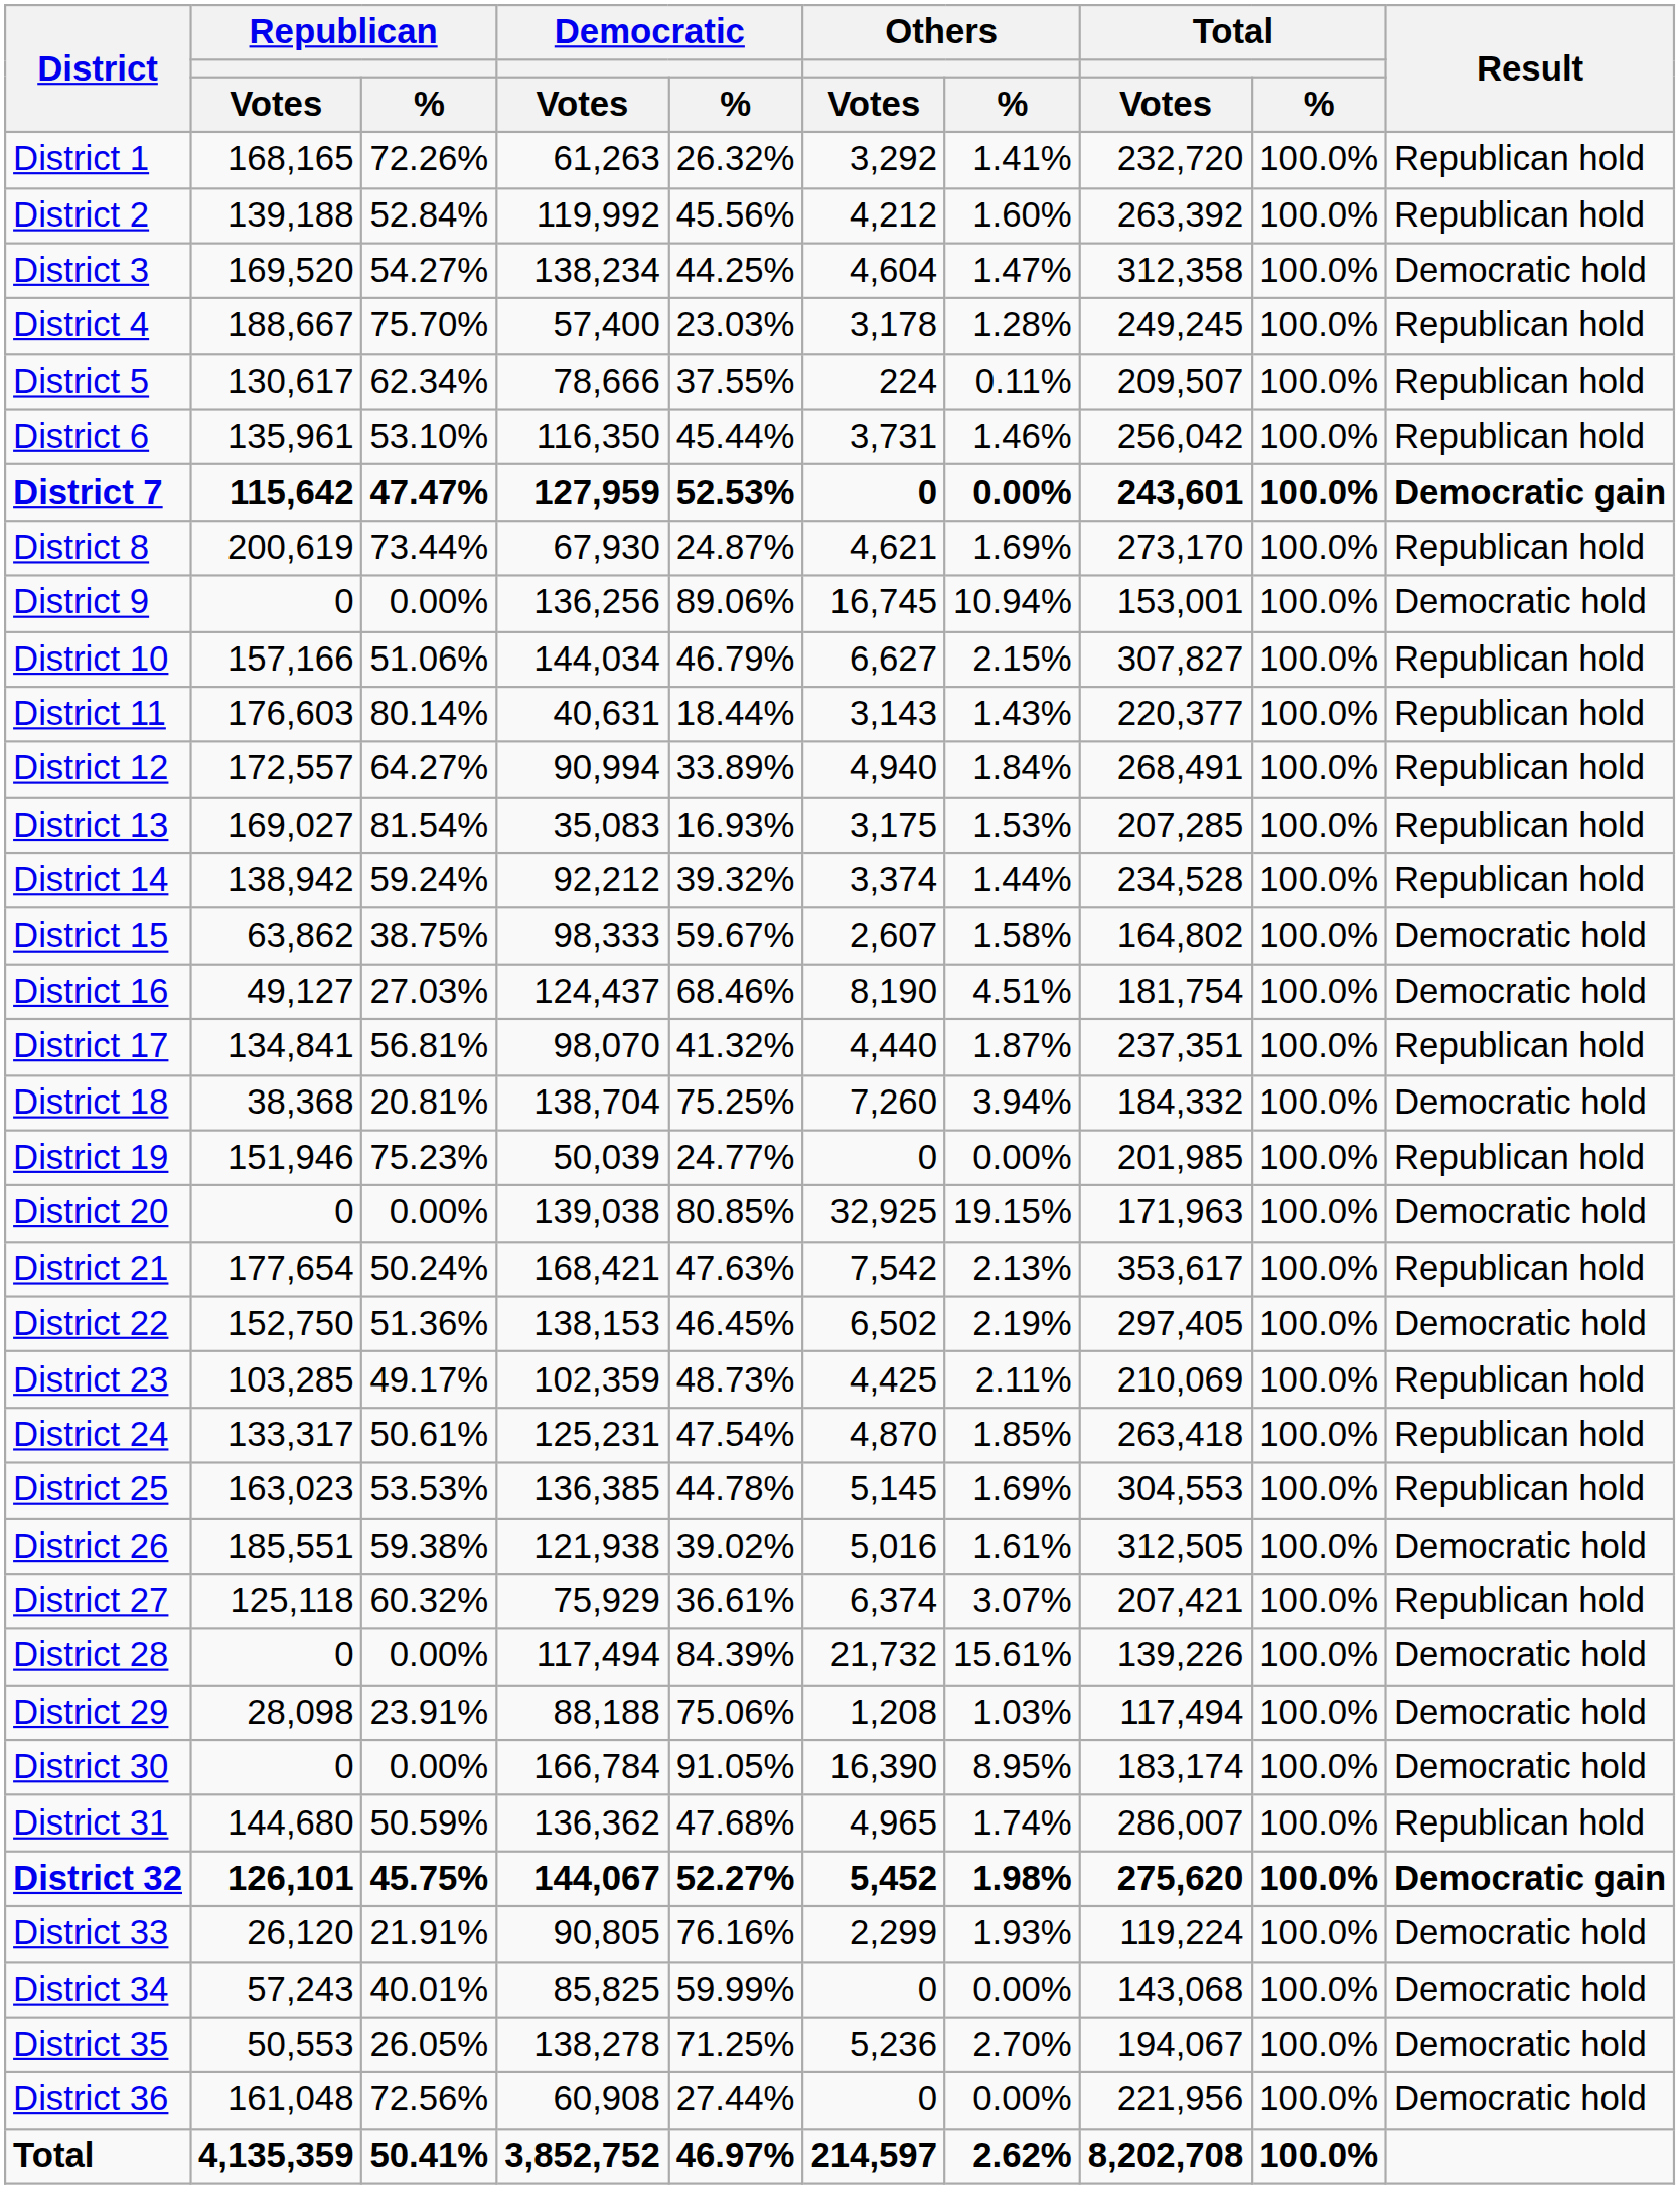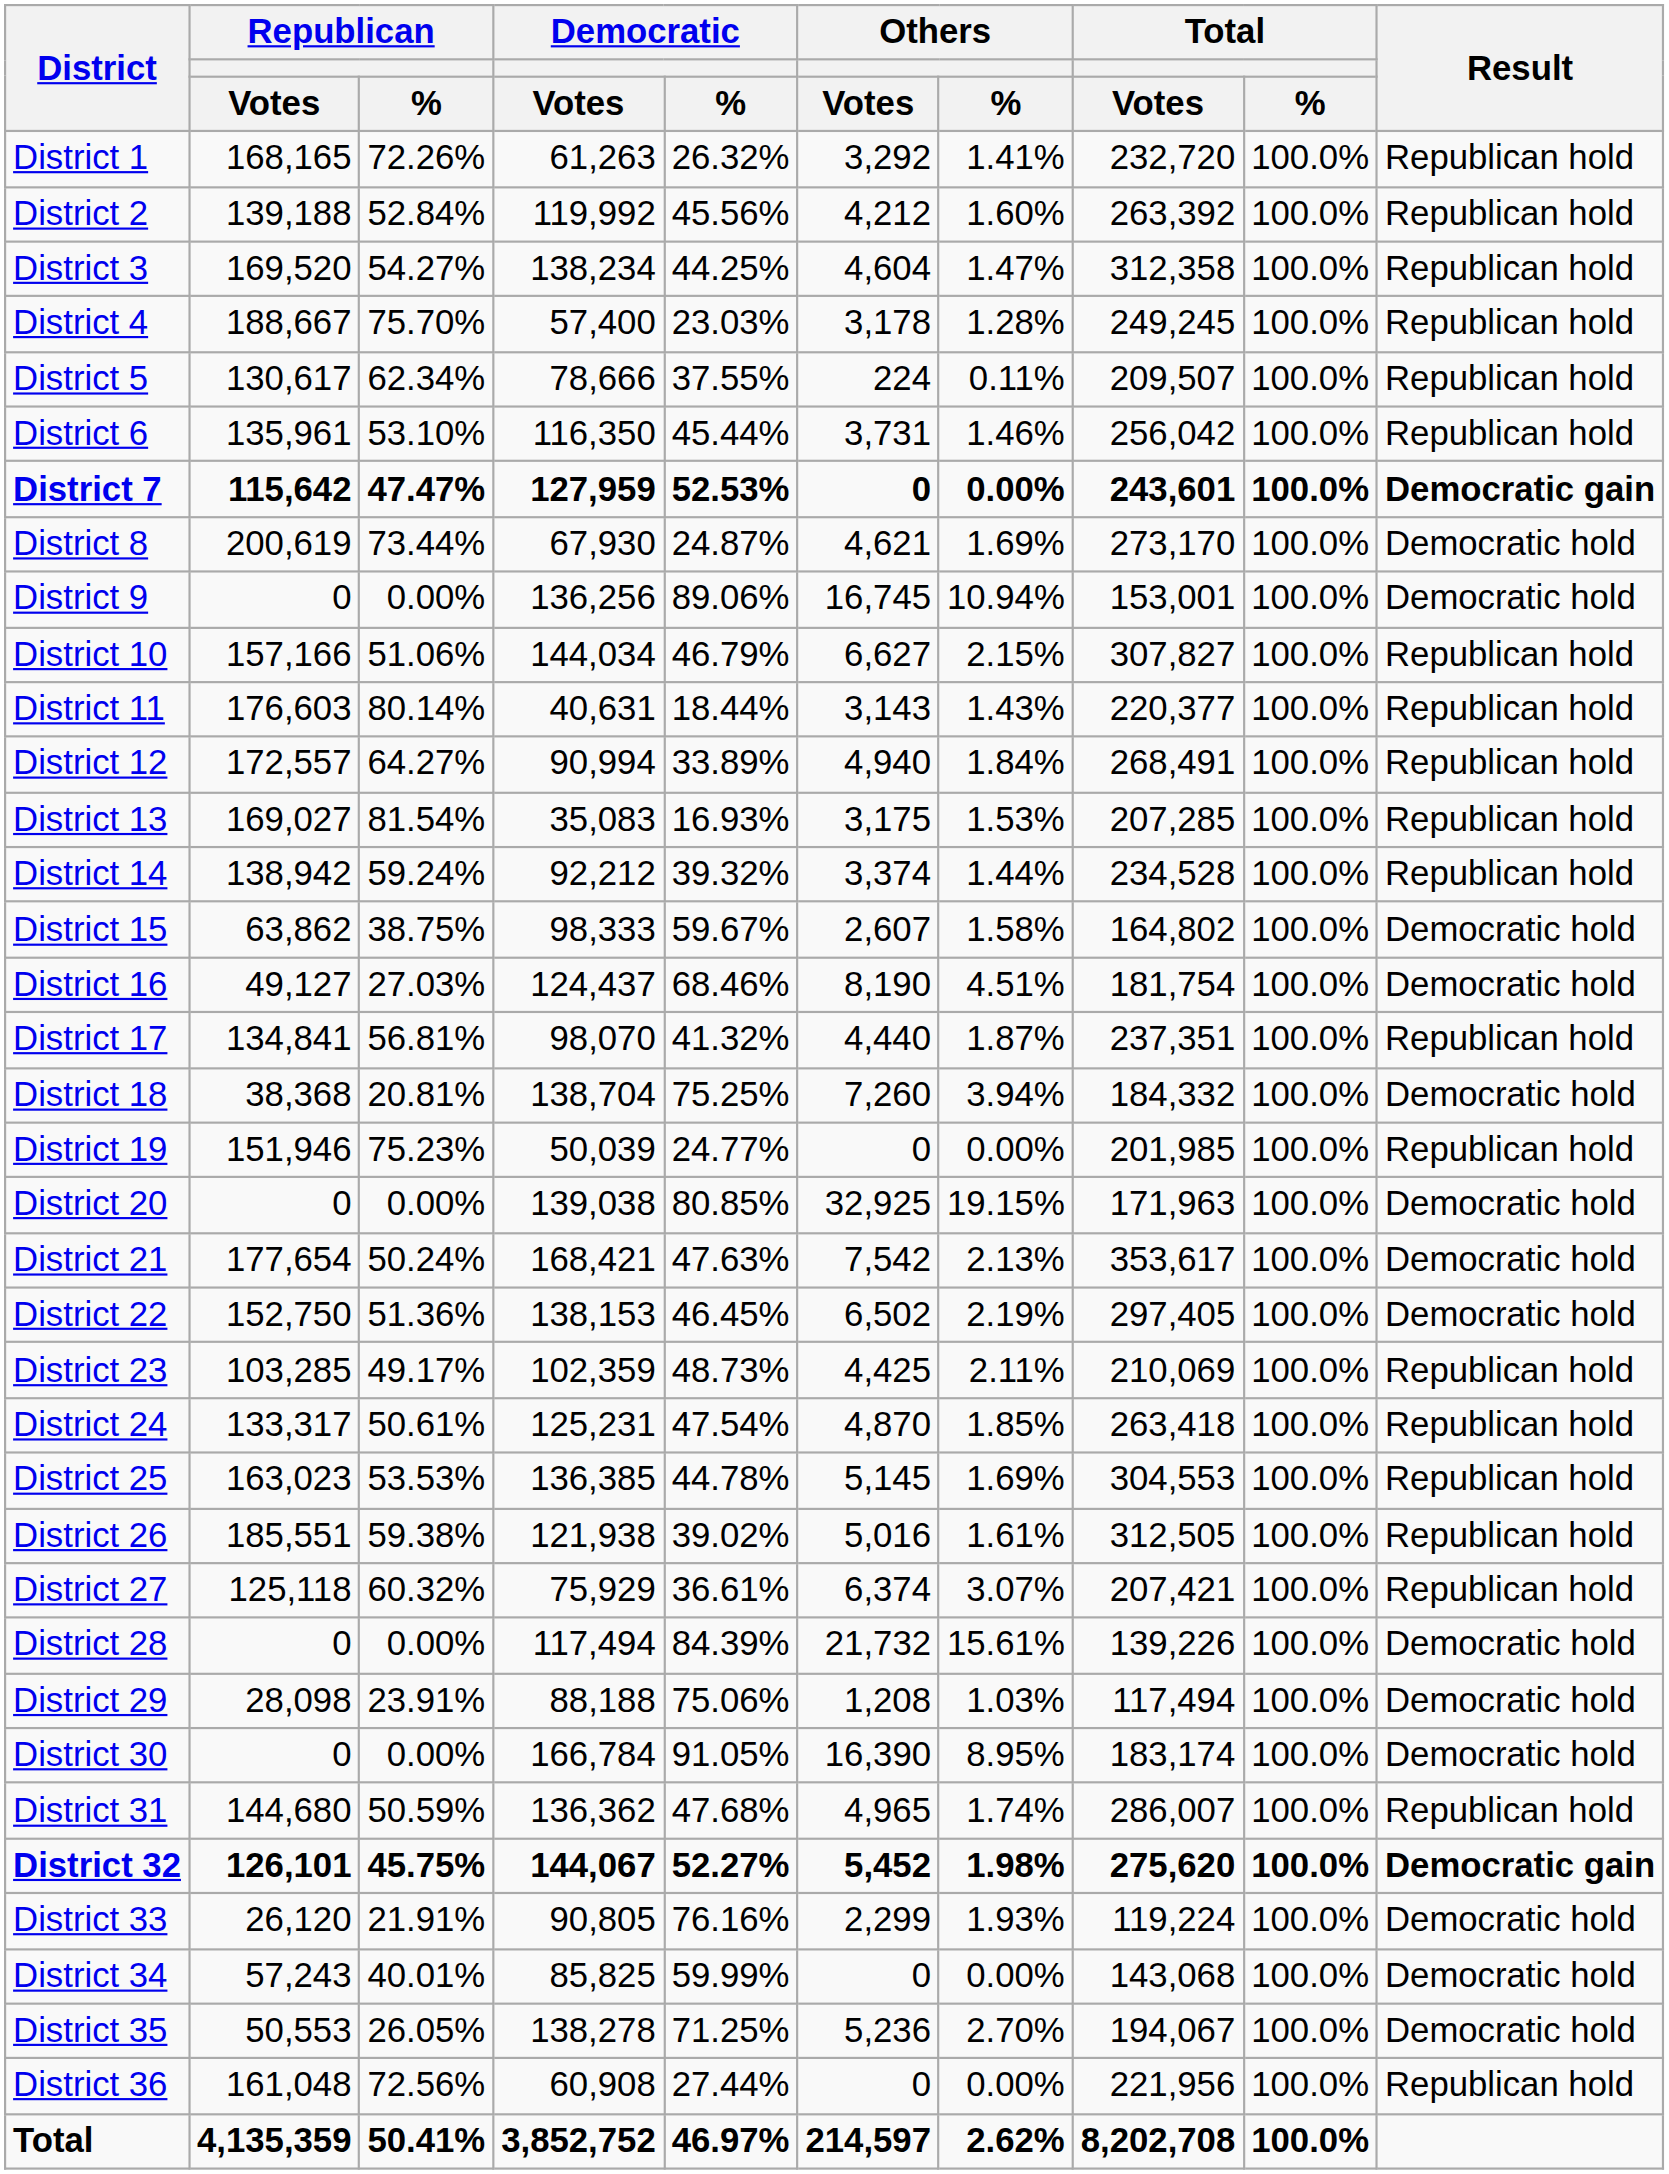 <table class="wikitable plainrowheaders sortable" style="font-size:100%; text-align:right;">
 <tr>
 <th scope=col rowspan=3><a href='#'>District</a></th>
 <th scope=col colspan=2><a href='#'>Republican</a></th>
 <th scope=col colspan=2><a href='#'>Democratic</a></th>
 <th scope=col colspan=2>Others</th>
 <th scope=col colspan=2>Total</th>
 <th scope=col rowspan=3>Result</th>
 </tr>
 <tr>
 <th scope=col colspan=2 style="background:"></th>
 <th scope=col colspan=2 style="background:"></th>
 <th scope=col colspan=2></th>
 <th scope=col colspan=2></th>
 </tr>
 <tr>
 <th scope=col data-sort-type="number">Votes</th>
 <th scope=col data-sort-type="number">%</th>
 <th scope=col data-sort-type="number">Votes</th>
 <th scope=col data-sort-type="number">%</th>
 <th scope=col data-sort-type="number">Votes</th>
 <th scope=col data-sort-type="number">%</th>
 <th scope=col data-sort-type="number">Votes</th>
 <th scope=col data-sort-type="number">%</th>
 </tr>
 <tr>
 <td align=left><a href='#'>District 1</a></td>
 <td>168,165</td>
 <td>72.26%</td>
 <td>61,263</td>
 <td>26.32%</td>
 <td>3,292</td>
 <td>1.41%</td>
 <td>232,720</td>
 <td>100.0%</td>
 <td align=left>Republican hold</td>
 </tr>
 <tr>
 <td align=left><a href='#'>District 2</a></td>
 <td>139,188</td>
 <td>52.84%</td>
 <td>119,992</td>
 <td>45.56%</td>
 <td>4,212</td>
 <td>1.60%</td>
 <td>263,392</td>
 <td>100.0%</td>
 <td align=left>Republican hold</td>
 </tr>
 <tr>
 <td align=left><a href='#'>District 3</a></td>
 <td>169,520</td>
 <td>54.27%</td>
 <td>138,234</td>
 <td>44.25%</td>
 <td>4,604</td>
 <td>1.47%</td>
 <td>312,358</td>
 <td>100.0%</td>
-<td align=left>Democratic hold</td>
+<td align=left>Republican hold</td>
 </tr>
 <tr>
 <td align=left><a href='#'>District 4</a></td>
 <td>188,667</td>
 <td>75.70%</td>
 <td>57,400</td>
 <td>23.03%</td>
 <td>3,178</td>
 <td>1.28%</td>
 <td>249,245</td>
 <td>100.0%</td>
 <td align=left>Republican hold</td>
 </tr>
 <tr>
 <td align=left><a href='#'>District 5</a></td>
 <td>130,617</td>
 <td>62.34%</td>
 <td>78,666</td>
 <td>37.55%</td>
 <td>224</td>
 <td>0.11%</td>
 <td>209,507</td>
 <td>100.0%</td>
 <td align=left>Republican hold</td>
 </tr>
 <tr>
 <td align=left><a href='#'>District 6</a></td>
 <td>135,961</td>
 <td>53.10%</td>
 <td>116,350</td>
 <td>45.44%</td>
 <td>3,731</td>
 <td>1.46%</td>
 <td>256,042</td>
 <td>100.0%</td>
 <td align=left>Republican hold</td>
 </tr>
 <tr>
 <td align=left><strong><a href='#'>District 7</a></strong></td>
 <td><strong>115,642</strong></td>
 <td><strong>47.47%</strong></td>
 <td><strong>127,959</strong></td>
 <td><strong>52.53%</strong></td>
 <td><strong>0</strong></td>
 <td><strong>0.00%</strong></td>
 <td><strong>243,601</strong></td>
 <td><strong>100.0%</strong></td>
 <td align=left><strong>Democratic gain</strong></td>
 </tr>
 <tr>
 <td align=left><a href='#'>District 8</a></td>
 <td>200,619</td>
 <td>73.44%</td>
 <td>67,930</td>
 <td>24.87%</td>
 <td>4,621</td>
 <td>1.69%</td>
 <td>273,170</td>
 <td>100.0%</td>
-<td align=left>Republican hold</td>
+<td align=left>Democratic hold</td>
 </tr>
 <tr>
 <td align=left><a href='#'>District 9</a></td>
 <td>0</td>
 <td>0.00%</td>
 <td>136,256</td>
 <td>89.06%</td>
 <td>16,745</td>
 <td>10.94%</td>
 <td>153,001</td>
 <td>100.0%</td>
 <td align=left>Democratic hold</td>
 </tr>
 <tr>
 <td align=left><a href='#'>District 10</a></td>
 <td>157,166</td>
 <td>51.06%</td>
 <td>144,034</td>
 <td>46.79%</td>
 <td>6,627</td>
 <td>2.15%</td>
 <td>307,827</td>
 <td>100.0%</td>
 <td align=left>Republican hold</td>
 </tr>
 <tr>
 <td align=left><a href='#'>District 11</a></td>
 <td>176,603</td>
 <td>80.14%</td>
 <td>40,631</td>
 <td>18.44%</td>
 <td>3,143</td>
 <td>1.43%</td>
 <td>220,377</td>
 <td>100.0%</td>
 <td align=left>Republican hold</td>
 </tr>
 <tr>
 <td align=left><a href='#'>District 12</a></td>
 <td>172,557</td>
 <td>64.27%</td>
 <td>90,994</td>
 <td>33.89%</td>
 <td>4,940</td>
 <td>1.84%</td>
 <td>268,491</td>
 <td>100.0%</td>
 <td align=left>Republican hold</td>
 </tr>
 <tr>
 <td align=left><a href='#'>District 13</a></td>
 <td>169,027</td>
 <td>81.54%</td>
 <td>35,083</td>
 <td>16.93%</td>
 <td>3,175</td>
 <td>1.53%</td>
 <td>207,285</td>
 <td>100.0%</td>
 <td align=left>Republican hold</td>
 </tr>
 <tr>
 <td align=left><a href='#'>District 14</a></td>
 <td>138,942</td>
 <td>59.24%</td>
 <td>92,212</td>
 <td>39.32%</td>
 <td>3,374</td>
 <td>1.44%</td>
 <td>234,528</td>
 <td>100.0%</td>
 <td align=left>Republican hold</td>
 </tr>
 <tr>
 <td align=left><a href='#'>District 15</a></td>
 <td>63,862</td>
 <td>38.75%</td>
 <td>98,333</td>
 <td>59.67%</td>
 <td>2,607</td>
 <td>1.58%</td>
 <td>164,802</td>
 <td>100.0%</td>
 <td align=left>Democratic hold</td>
 </tr>
 <tr>
 <td align=left><a href='#'>District 16</a></td>
 <td>49,127</td>
 <td>27.03%</td>
 <td>124,437</td>
 <td>68.46%</td>
 <td>8,190</td>
 <td>4.51%</td>
 <td>181,754</td>
 <td>100.0%</td>
 <td align=left>Democratic hold</td>
 </tr>
 <tr>
 <td align=left><a href='#'>District 17</a></td>
 <td>134,841</td>
 <td>56.81%</td>
 <td>98,070</td>
 <td>41.32%</td>
 <td>4,440</td>
 <td>1.87%</td>
 <td>237,351</td>
 <td>100.0%</td>
 <td align=left>Republican hold</td>
 </tr>
 <tr>
 <td align=left><a href='#'>District 18</a></td>
 <td>38,368</td>
 <td>20.81%</td>
 <td>138,704</td>
 <td>75.25%</td>
 <td>7,260</td>
 <td>3.94%</td>
 <td>184,332</td>
 <td>100.0%</td>
 <td align=left>Democratic hold</td>
 </tr>
 <tr>
 <td align=left><a href='#'>District 19</a></td>
 <td>151,946</td>
 <td>75.23%</td>
 <td>50,039</td>
 <td>24.77%</td>
 <td>0</td>
 <td>0.00%</td>
 <td>201,985</td>
 <td>100.0%</td>
 <td align=left>Republican hold</td>
 </tr>
 <tr>
 <td align=left><a href='#'>District 20</a></td>
 <td>0</td>
 <td>0.00%</td>
 <td>139,038</td>
 <td>80.85%</td>
 <td>32,925</td>
 <td>19.15%</td>
 <td>171,963</td>
 <td>100.0%</td>
 <td align=left>Democratic hold</td>
 </tr>
 <tr>
 <td align=left><a href='#'>District 21</a></td>
 <td>177,654</td>
 <td>50.24%</td>
 <td>168,421</td>
 <td>47.63%</td>
 <td>7,542</td>
 <td>2.13%</td>
 <td>353,617</td>
 <td>100.0%</td>
-<td align=left>Republican hold</td>
+<td align=left>Democratic hold</td>
 </tr>
 <tr>
 <td align=left><a href='#'>District 22</a></td>
 <td>152,750</td>
 <td>51.36%</td>
 <td>138,153</td>
 <td>46.45%</td>
 <td>6,502</td>
 <td>2.19%</td>
 <td>297,405</td>
 <td>100.0%</td>
 <td align=left>Democratic hold</td>
 </tr>
 <tr>
 <td align=left><a href='#'>District 23</a></td>
 <td>103,285</td>
 <td>49.17%</td>
 <td>102,359</td>
 <td>48.73%</td>
 <td>4,425</td>
 <td>2.11%</td>
 <td>210,069</td>
 <td>100.0%</td>
 <td align=left>Republican hold</td>
 </tr>
 <tr>
 <td align=left><a href='#'>District 24</a></td>
 <td>133,317</td>
 <td>50.61%</td>
 <td>125,231</td>
 <td>47.54%</td>
 <td>4,870</td>
 <td>1.85%</td>
 <td>263,418</td>
 <td>100.0%</td>
 <td align=left>Republican hold</td>
 </tr>
 <tr>
 <td align=left><a href='#'>District 25</a></td>
 <td>163,023</td>
 <td>53.53%</td>
 <td>136,385</td>
 <td>44.78%</td>
 <td>5,145</td>
 <td>1.69%</td>
 <td>304,553</td>
 <td>100.0%</td>
 <td align=left>Republican hold</td>
 </tr>
 <tr>
 <td align=left><a href='#'>District 26</a></td>
 <td>185,551</td>
 <td>59.38%</td>
 <td>121,938</td>
 <td>39.02%</td>
 <td>5,016</td>
 <td>1.61%</td>
 <td>312,505</td>
 <td>100.0%</td>
-<td align=left>Democratic hold</td>
+<td align=left>Republican hold</td>
 </tr>
 <tr>
 <td align=left><a href='#'>District 27</a></td>
 <td>125,118</td>
 <td>60.32%</td>
 <td>75,929</td>
 <td>36.61%</td>
 <td>6,374</td>
 <td>3.07%</td>
 <td>207,421</td>
 <td>100.0%</td>
 <td align=left>Republican hold</td>
 </tr>
 <tr>
 <td align=left><a href='#'>District 28</a></td>
 <td>0</td>
 <td>0.00%</td>
 <td>117,494</td>
 <td>84.39%</td>
 <td>21,732</td>
 <td>15.61%</td>
 <td>139,226</td>
 <td>100.0%</td>
 <td align=left>Democratic hold</td>
 </tr>
 <tr>
 <td align=left><a href='#'>District 29</a></td>
 <td>28,098</td>
 <td>23.91%</td>
 <td>88,188</td>
 <td>75.06%</td>
 <td>1,208</td>
 <td>1.03%</td>
 <td>117,494</td>
 <td>100.0%</td>
 <td align=left>Democratic hold</td>
 </tr>
 <tr>
 <td align=left><a href='#'>District 30</a></td>
 <td>0</td>
 <td>0.00%</td>
 <td>166,784</td>
 <td>91.05%</td>
 <td>16,390</td>
 <td>8.95%</td>
 <td>183,174</td>
 <td>100.0%</td>
 <td align=left>Democratic hold</td>
 </tr>
 <tr>
 <td align=left><a href='#'>District 31</a></td>
 <td>144,680</td>
 <td>50.59%</td>
 <td>136,362</td>
 <td>47.68%</td>
 <td>4,965</td>
 <td>1.74%</td>
 <td>286,007</td>
 <td>100.0%</td>
 <td align=left>Republican hold</td>
 </tr>
 <tr>
 <td align=left><strong><a href='#'>District 32</a></strong></td>
 <td><strong>126,101</strong></td>
 <td><strong>45.75%</strong></td>
 <td><strong>144,067</strong></td>
 <td><strong>52.27%</strong></td>
 <td><strong>5,452</strong></td>
 <td><strong>1.98%</strong></td>
 <td><strong>275,620</strong></td>
 <td><strong>100.0%</strong></td>
 <td align=left><strong>Democratic gain</strong></td>
 </tr>
 <tr>
 <td align=left><a href='#'>District 33</a></td>
 <td>26,120</td>
 <td>21.91%</td>
 <td>90,805</td>
 <td>76.16%</td>
 <td>2,299</td>
 <td>1.93%</td>
 <td>119,224</td>
 <td>100.0%</td>
 <td align=left>Democratic hold</td>
 </tr>
 <tr>
 <td align=left><a href='#'>District 34</a></td>
 <td>57,243</td>
 <td>40.01%</td>
 <td>85,825</td>
 <td>59.99%</td>
 <td>0</td>
 <td>0.00%</td>
 <td>143,068</td>
 <td>100.0%</td>
 <td align=left>Democratic hold</td>
 </tr>
 <tr>
 <td align=left><a href='#'>District 35</a></td>
 <td>50,553</td>
 <td>26.05%</td>
 <td>138,278</td>
 <td>71.25%</td>
 <td>5,236</td>
 <td>2.70%</td>
 <td>194,067</td>
 <td>100.0%</td>
 <td align=left>Democratic hold</td>
 </tr>
 <tr>
 <td align=left><a href='#'>District 36</a></td>
 <td>161,048</td>
 <td>72.56%</td>
 <td>60,908</td>
 <td>27.44%</td>
 <td>0</td>
 <td>0.00%</td>
 <td>221,956</td>
 <td>100.0%</td>
-<td align=left>Democratic hold</td>
+<td align=left>Republican hold</td>
 </tr>
 <tr class="sortbottom" style="font-weight:bold">
 <td align=left>Total</td>
 <td>4,135,359</td>
 <td>50.41%</td>
 <td>3,852,752</td>
 <td>46.97%</td>
 <td>214,597</td>
 <td>2.62%</td>
 <td>8,202,708</td>
 <td>100.0%</td>
 <td></td>
 </tr>
 </table>
